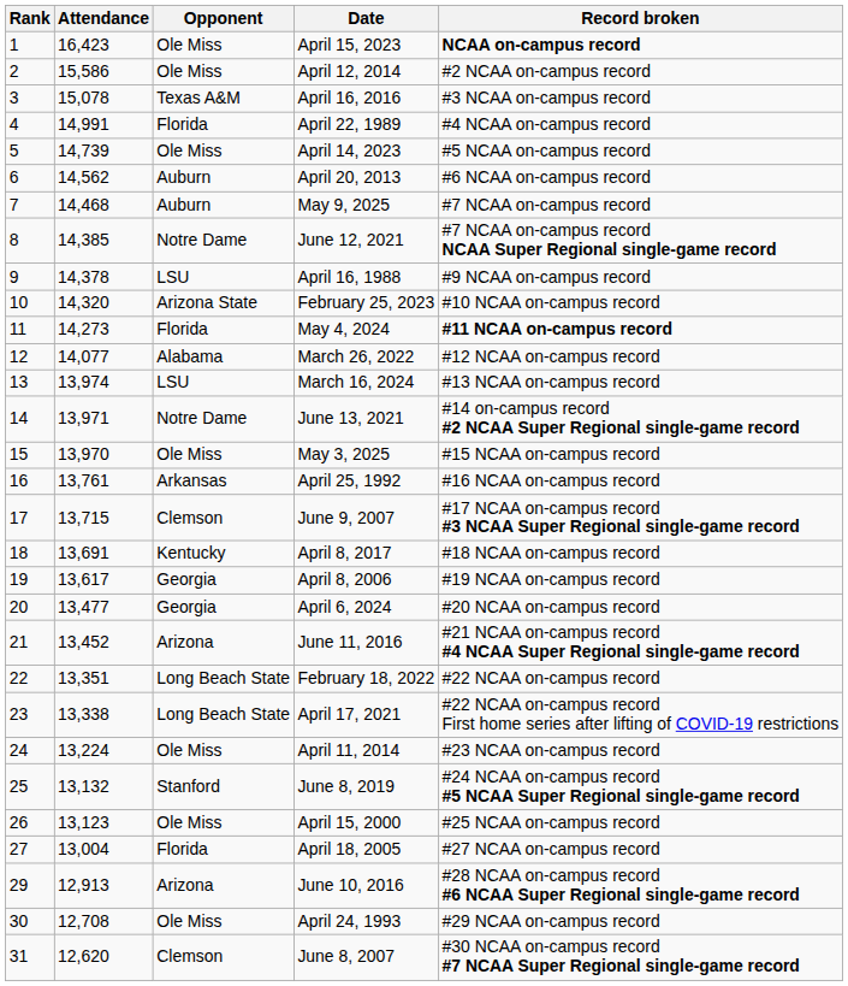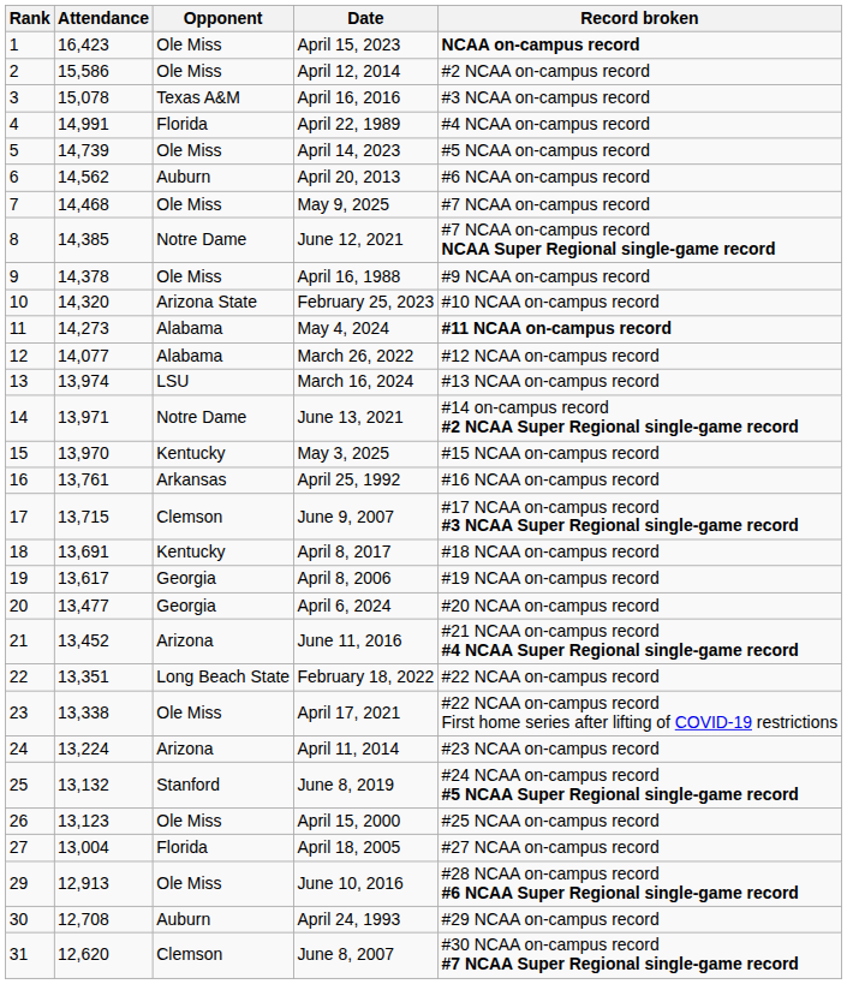 <table class="wikitable" border="1">
 <tr>
 <th>Rank</th>
 <th>Attendance</th>
 <th>Opponent</th>
 <th>Date</th>
 <th>Record broken</th>
 </tr>
 <tr>
 <td>1</td>
 <td>16,423</td>
 <td>Ole Miss</td>
 <td>April 15, 2023</td>
 <td><strong>NCAA on-campus record</strong></td>
 </tr>
 <tr>
 <td>2</td>
 <td>15,586</td>
 <td>Ole Miss</td>
 <td>April 12, 2014</td>
 <td>#2 NCAA on-campus record</td>
 </tr>
 <tr>
 <td>3</td>
 <td>15,078</td>
 <td>Texas A&M</td>
 <td>April 16, 2016</td>
 <td>#3 NCAA on-campus record</td>
 </tr>
 <tr>
 <td>4</td>
 <td>14,991</td>
 <td>Florida</td>
 <td>April 22, 1989</td>
 <td>#4 NCAA on-campus record</td>
 </tr>
 <tr>
 <td>5</td>
 <td>14,739</td>
 <td>Ole Miss</td>
 <td>April 14, 2023</td>
 <td>#5 NCAA on-campus record</td>
 </tr>
 <tr>
 <td>6</td>
 <td>14,562</td>
 <td>Auburn</td>
 <td>April 20, 2013</td>
 <td>#6 NCAA on-campus record</td>
 </tr>
 <tr>
 <td>7</td>
 <td>14,468</td>
-<td>Auburn</td>
+<td>Ole Miss</td>
 <td>May 9, 2025</td>
 <td>#7 NCAA on-campus record</td>
 </tr>
 <tr>
 <td>8</td>
 <td>14,385</td>
 <td>Notre Dame</td>
 <td>June 12, 2021</td>
 <td>#7 NCAA on-campus record<br> <strong>NCAA Super Regional single-game record</strong></td>
 </tr>
 <tr>
 <td>9</td>
 <td>14,378</td>
-<td>LSU</td>
+<td>Ole Miss</td>
 <td>April 16, 1988</td>
 <td>#9 NCAA on-campus record</td>
 </tr>
 <tr>
 <td>10</td>
 <td>14,320</td>
 <td>Arizona State</td>
 <td>February 25, 2023</td>
 <td>#10 NCAA on-campus record</td>
 </tr>
 <tr>
 <td>11</td>
 <td>14,273</td>
-<td>Florida</td>
+<td>Alabama</td>
 <td>May 4, 2024</td>
 <td><strong>#11 NCAA on-campus record</strong></td>
 </tr>
 <tr>
 <td>12</td>
 <td>14,077</td>
 <td>Alabama</td>
 <td>March 26, 2022</td>
 <td>#12 NCAA on-campus record</td>
 </tr>
 <tr>
 <td>13</td>
 <td>13,974</td>
 <td>LSU</td>
 <td>March 16, 2024</td>
 <td>#13 NCAA on-campus record</td>
 </tr>
 <tr>
 <td>14</td>
 <td>13,971</td>
 <td>Notre Dame</td>
 <td>June 13, 2021</td>
 <td>#14 on-campus record<br> <strong>#2 NCAA Super Regional single-game record</strong></td>
 </tr>
 <tr>
 <td>15</td>
 <td>13,970</td>
-<td>Ole Miss</td>
+<td>Kentucky</td>
 <td>May 3, 2025</td>
 <td>#15 NCAA on-campus record</td>
 </tr>
 <tr>
 <td>16</td>
 <td>13,761</td>
 <td>Arkansas</td>
 <td>April 25, 1992</td>
 <td>#16 NCAA on-campus record</td>
 </tr>
 <tr>
 <td>17</td>
 <td>13,715</td>
 <td>Clemson</td>
 <td>June 9, 2007</td>
 <td>#17 NCAA on-campus record<br> <strong>#3 NCAA Super Regional single-game record</strong></td>
 </tr>
 <tr>
 <td>18</td>
 <td>13,691</td>
 <td>Kentucky</td>
 <td>April 8, 2017</td>
 <td>#18 NCAA on-campus record</td>
 </tr>
 <tr>
 <td>19</td>
 <td>13,617</td>
 <td>Georgia</td>
 <td>April 8, 2006</td>
 <td>#19 NCAA on-campus record</td>
 </tr>
 <tr>
 <td>20</td>
 <td>13,477</td>
 <td>Georgia</td>
 <td>April 6, 2024</td>
 <td>#20 NCAA on-campus record</td>
 </tr>
 <tr>
 <td>21</td>
 <td>13,452</td>
 <td>Arizona</td>
 <td>June 11, 2016</td>
 <td>#21 NCAA on-campus record <br> <strong>#4 NCAA Super Regional single-game record</strong></td>
 </tr>
 <tr>
 <td>22</td>
 <td>13,351</td>
 <td>Long Beach State</td>
 <td>February 18, 2022</td>
 <td>#22 NCAA on-campus record</td>
 </tr>
 <tr>
 <td>23</td>
 <td>13,338</td>
-<td>Long Beach State</td>
+<td>Ole Miss</td>
 <td>April 17, 2021</td>
 <td>#22 NCAA on-campus record <br> First home series after lifting of <a href='#'>COVID-19</a> restrictions</td>
 </tr>
 <tr>
 <td>24</td>
 <td>13,224</td>
-<td>Ole Miss</td>
+<td>Arizona</td>
 <td>April 11, 2014</td>
 <td>#23 NCAA on-campus record</td>
 </tr>
 <tr>
 <td>25</td>
 <td>13,132</td>
 <td>Stanford</td>
 <td>June 8, 2019</td>
 <td>#24 NCAA on-campus record <br> <strong>#5 NCAA Super Regional single-game record</strong></td>
 </tr>
 <tr>
 <td>26</td>
 <td>13,123</td>
 <td>Ole Miss</td>
 <td>April 15, 2000</td>
 <td>#25 NCAA on-campus record</td>
 </tr>
 <tr>
 <td>27</td>
 <td>13,004</td>
 <td>Florida</td>
 <td>April 18, 2005</td>
 <td>#27 NCAA on-campus record</td>
 </tr>
 <tr>
 <td>29</td>
 <td>12,913</td>
-<td>Arizona</td>
+<td>Ole Miss</td>
 <td>June 10, 2016</td>
 <td>#28 NCAA on-campus record <br> <strong>#6 NCAA Super Regional single-game record</strong></td>
 </tr>
 <tr>
 <td>30</td>
 <td>12,708</td>
-<td>Ole Miss</td>
+<td>Auburn</td>
 <td>April 24, 1993</td>
 <td>#29 NCAA on-campus record</td>
 </tr>
 <tr>
 <td>31</td>
 <td>12,620</td>
 <td>Clemson</td>
 <td>June 8, 2007</td>
 <td>#30 NCAA on-campus record <br> <strong>#7 NCAA Super Regional single-game record</strong></td>
 </tr>
 </table>
